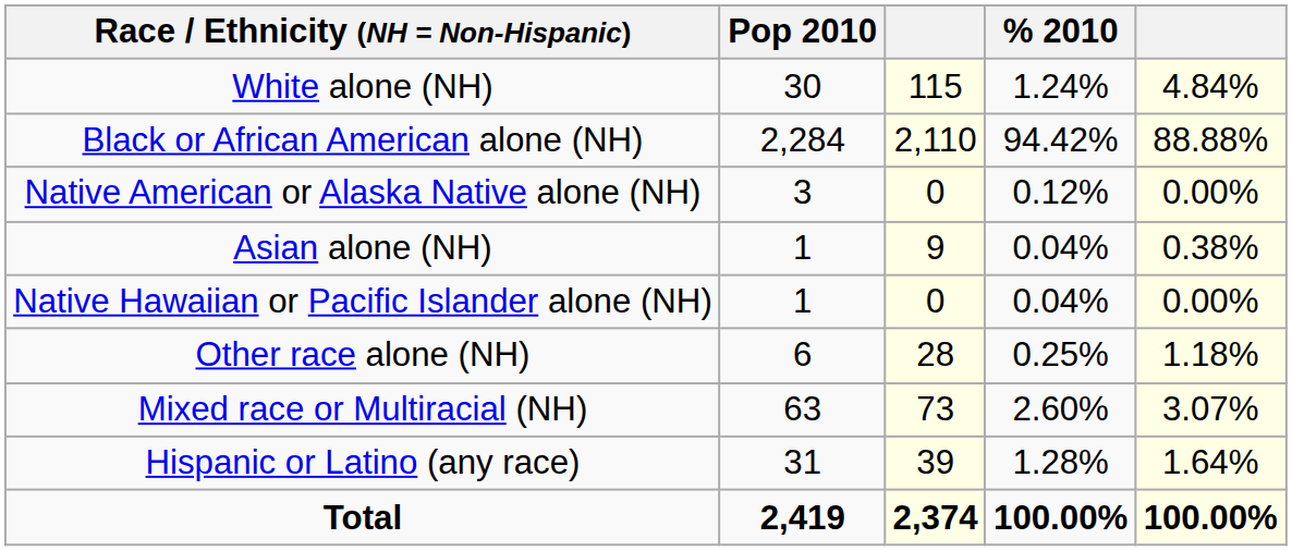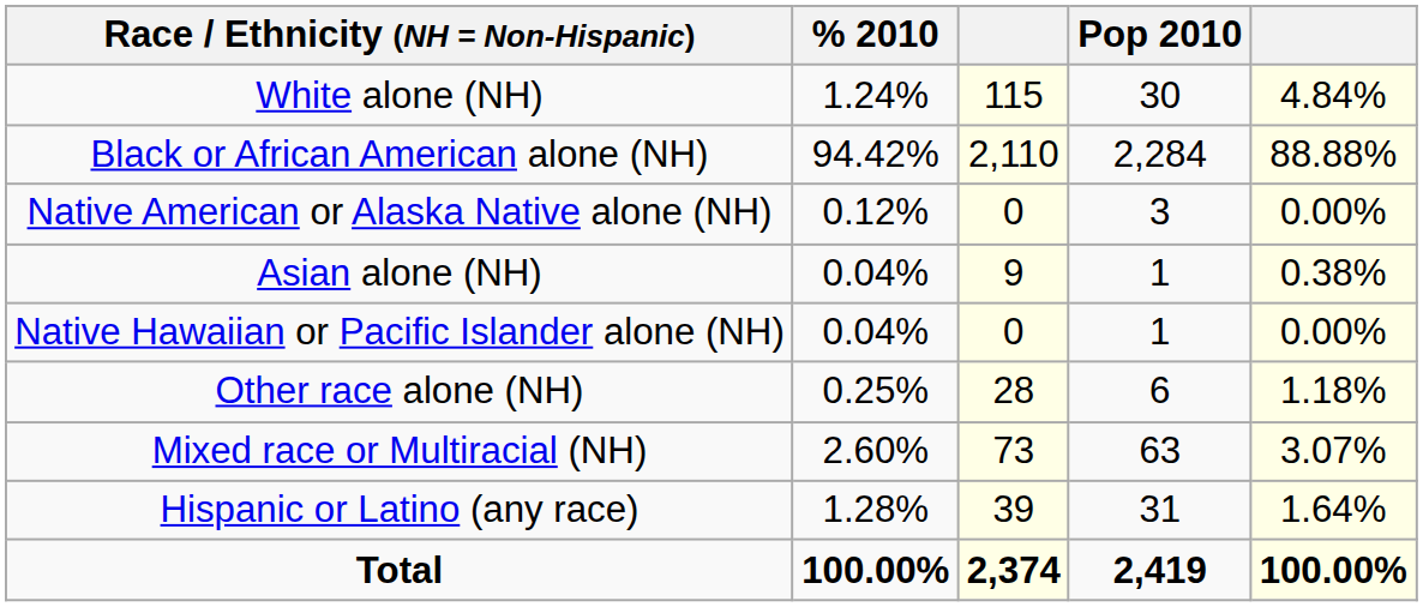 <table class="wikitable" style="text-align:center;">
 <tr>
 <th>Race / Ethnicity <small>(<em>NH = Non-Hispanic</em>)</small></th>
+<th>% 2010</th>
+<th></th>
 <th>Pop 2010</th>
-<th></th>
-<th>% 2010</th>
 <th></th>
 </tr>
 <tr>
 <td><a href='#'>White</a> alone (NH)</td>
+<td>1.24%</td>
+<td style='background: #ffffe6;'>115</td>
 <td>30</td>
-<td style='background: #ffffe6;'>115</td>
-<td>1.24%</td>
 <td style='background: #ffffe6;'>4.84%</td>
 </tr>
 <tr>
 <td><a href='#'>Black or African American</a> alone (NH)</td>
+<td>94.42%</td>
+<td style='background: #ffffe6;'>2,110</td>
 <td>2,284</td>
-<td style='background: #ffffe6;'>2,110</td>
-<td>94.42%</td>
 <td style='background: #ffffe6;'>88.88%</td>
 </tr>
 <tr>
 <td><a href='#'>Native American</a> or <a href='#'>Alaska Native</a> alone (NH)</td>
+<td>0.12%</td>
+<td style='background: #ffffe6;'>0</td>
 <td>3</td>
-<td style='background: #ffffe6;'>0</td>
-<td>0.12%</td>
 <td style='background: #ffffe6;'>0.00%</td>
 </tr>
 <tr>
 <td><a href='#'>Asian</a> alone (NH)</td>
+<td>0.04%</td>
+<td style='background: #ffffe6;'>9</td>
 <td>1</td>
-<td style='background: #ffffe6;'>9</td>
-<td>0.04%</td>
 <td style='background: #ffffe6;'>0.38%</td>
 </tr>
 <tr>
 <td><a href='#'>Native Hawaiian</a> or <a href='#'>Pacific Islander</a> alone (NH)</td>
+<td>0.04%</td>
+<td style='background: #ffffe6;'>0</td>
 <td>1</td>
-<td style='background: #ffffe6;'>0</td>
-<td>0.04%</td>
 <td style='background: #ffffe6;'>0.00%</td>
 </tr>
 <tr>
 <td><a href='#'>Other race</a> alone (NH)</td>
+<td>0.25%</td>
+<td style='background: #ffffe6;'>28</td>
 <td>6</td>
-<td style='background: #ffffe6;'>28</td>
-<td>0.25%</td>
 <td style='background: #ffffe6;'>1.18%</td>
 </tr>
 <tr>
 <td><a href='#'>Mixed race or Multiracial</a> (NH)</td>
+<td>2.60%</td>
+<td style='background: #ffffe6;'>73</td>
 <td>63</td>
-<td style='background: #ffffe6;'>73</td>
-<td>2.60%</td>
 <td style='background: #ffffe6;'>3.07%</td>
 </tr>
 <tr>
 <td><a href='#'>Hispanic or Latino</a> (any race)</td>
+<td>1.28%</td>
+<td style='background: #ffffe6;'>39</td>
 <td>31</td>
-<td style='background: #ffffe6;'>39</td>
-<td>1.28%</td>
 <td style='background: #ffffe6;'>1.64%</td>
 </tr>
 <tr>
 <td><strong>Total</strong></td>
+<td><strong>100.00%</strong></td>
+<td style='background: #ffffe6;'><strong>2,374</strong></td>
 <td><strong>2,419</strong></td>
-<td style='background: #ffffe6;'><strong>2,374</strong></td>
-<td><strong>100.00%</strong></td>
 <td style='background: #ffffe6;'><strong>100.00%</strong></td>
 </tr>
 </table>
